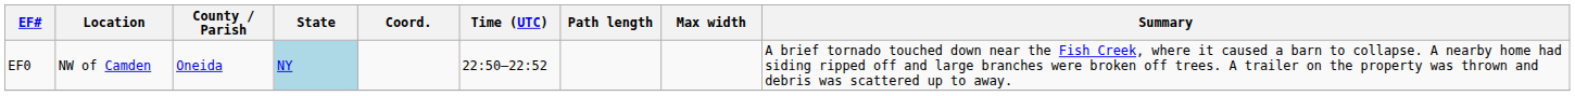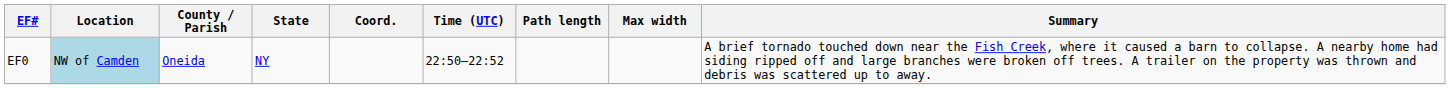 <table class="wikitable sortable" style="width:100%;">
 <tr>
 <th scope="col" width="3%" align="center"><a href='#'>EF#</a></th>
 <th scope="col" width="7%" align="center" class="unsortable">Location</th>
 <th scope="col" width="6%" align="center" class="unsortable">County / Parish</th>
 <th scope="col" width="5%" align="center">State</th>
 <th scope="col" width="6%" align="center">Coord.</th>
 <th scope="col" width="6%" align="center">Time (<a href='#'>UTC</a>)</th>
 <th scope="col" width="6%" align="center">Path length</th>
 <th scope="col" width="6%" align="center">Max width</th>
 <th scope="col" width="48%" class="unsortable" align="center">Summary</th>
 </tr>
 <tr>
 <td>EF0</td>
-<td>NW of <a href='#'>Camden</a></td>
+<td style="background: lightblue;">NW of <a href='#'>Camden</a></td>
 <td><a href='#'>Oneida</a></td>
-<td style="background: lightblue;"><a href='#'>NY</a></td>
+<td><a href='#'>NY</a></td>
 <td></td>
 <td>22:50–22:52</td>
 <td></td>
 <td></td>
 <td>A brief tornado touched down near the <a href='#'>Fish Creek</a>, where it caused a barn to collapse. A nearby home had siding ripped off and large branches were broken off trees. A trailer on the property was thrown  and debris was scattered up to  away.</td>
 </tr>
 <tr>
 </tr>
 </table>
